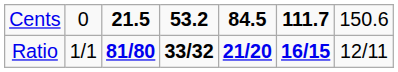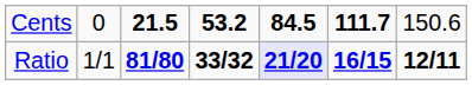 <table class="wikitable" style="text-align:center;">
 <tr>
 <td><a href='#'>Cents</a></td>
 <td>0</td>
 <td><strong>21.5</strong></td>
 <td><strong>53.2</strong></td>
 <td><strong>84.5</strong></td>
 <td><strong>111.7</strong></td>
 <td>150.6</td>
 </tr>
 <tr>
 <td><a href='#'>Ratio</a></td>
 <td>1/1</td>
 <td><strong><a href='#'>81/80</a></strong></td>
 <td><strong>33/32</strong></td>
-<td><strong><a href='#'>21/20</a></strong></td>
+<td style="background: lavender;"><strong><a href='#'>21/20</a></strong></td>
 <td><strong><a href='#'>16/15</a></strong></td>
-<td>12/11</td>
+<td><strong>12/11</strong></td>
 </tr>
 </table>
